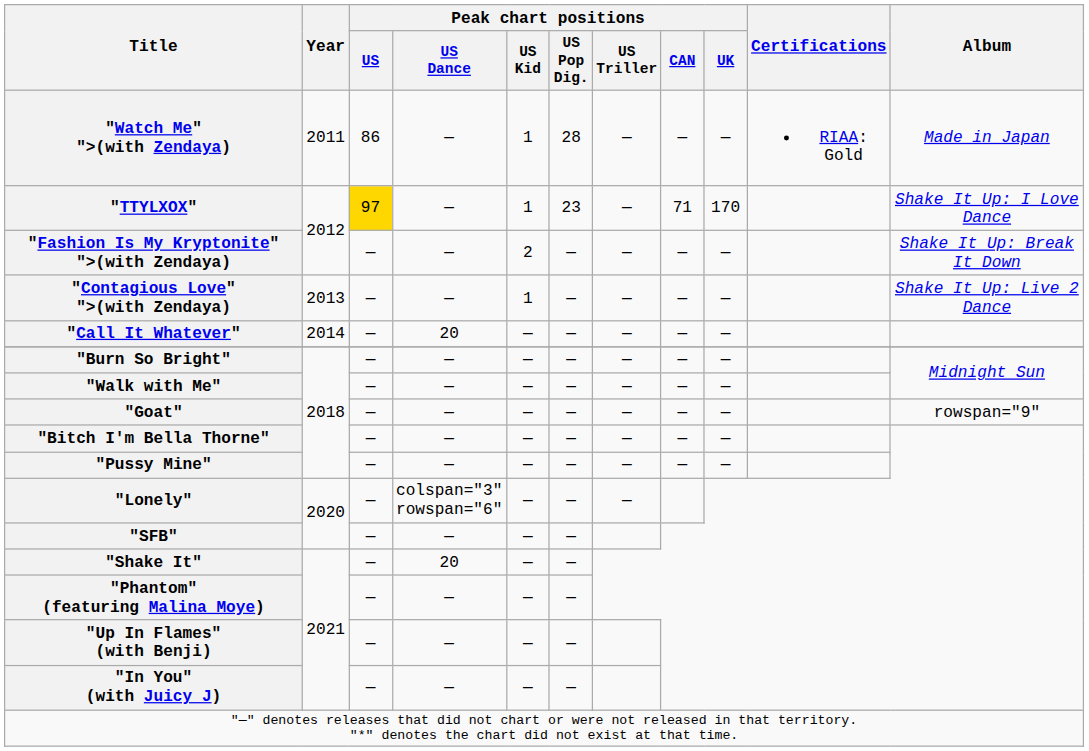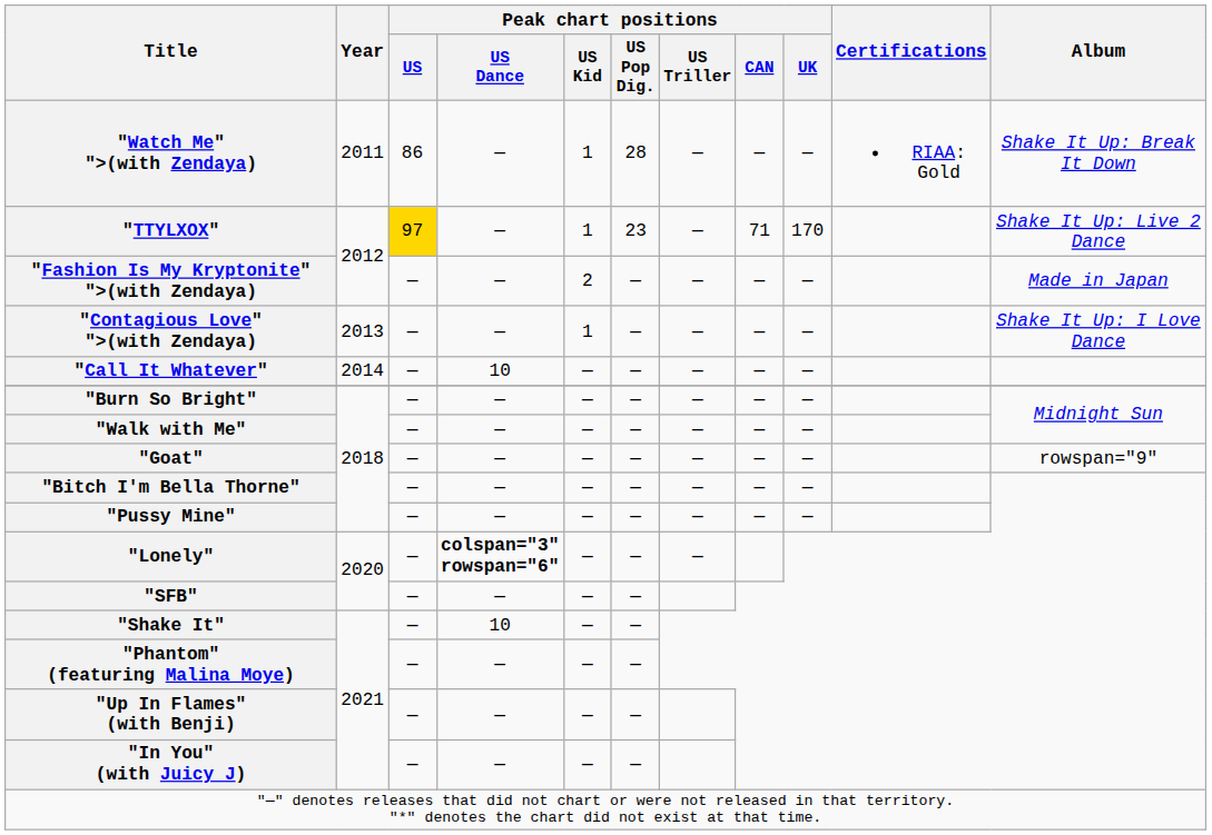 <table class="wikitable plainrowheaders" style="text-align:center;">
 <tr>
 <th scope="col" rowspan="2" style="width:18em;">Title</th>
 <th scope="col" rowspan="2">Year</th>
 <th scope="col" colspan="7">Peak chart positions</th>
 <th scope="col" rowspan="2" style="width:8em;"><a href='#'>Certifications</a></th>
 <th scope="col" rowspan="2">Album</th>
 </tr>
 <tr>
 <th scope="col" style="width:2.5em;font-size:90%;"><a href='#'>US</a><br></th>
 <th scope="col" style="width:2.5em;font-size:90%;"><a href='#'>US<br>Dance</a><br></th>
 <th scope="col" style="width:2.5em;font-size:90%;">US<br>Kid<br></th>
 <th scope="col" style="width:2.5em;font-size:90%;">US<br>Pop Dig.<br></th>
 <th scope="col" style="width:2.5em;font-size:90%;">US<br>Triller<br></th>
 <th scope="col" style="width:2.5em;font-size:90%;"><a href='#'>CAN</a><br></th>
 <th scope="col" style="width:2.5em;font-size:90%;"><a href='#'>UK</a><br></th>
 </tr>
 <tr>
 <th scope="row">"<a href='#'>Watch Me</a>"<br><span>">(with <a href='#'>Zendaya</a>)</span></th>
 <td>2011</td>
 <td>86</td>
 <td>—</td>
 <td>1</td>
 <td>28</td>
 <td>—</td>
 <td>—</td>
 <td>—</td>
 <td><br><ul><li><a href='#'>RIAA</a>: Gold</li></ul></td>
-<td><em><a href='#'>Made in Japan</a></em></td>
+<td><em><a href='#'>Shake It Up: Break It Down</a></em></td>
 </tr>
 <tr>
 <th scope="row">"<a href='#'>TTYLXOX</a>"</th>
 <td rowspan=2>2012</td>
 <td style="background: gold;">97</td>
 <td>—</td>
 <td>1</td>
 <td>23</td>
 <td>—</td>
 <td>71</td>
 <td>170</td>
 <td></td>
-<td><em><a href='#'>Shake It Up: I Love Dance</a></em></td>
+<td><em><a href='#'>Shake It Up: Live 2 Dance</a></em></td>
 </tr>
 <tr>
 <th scope="row">"<a href='#'>Fashion Is My Kryptonite</a>"<br><span>">(with Zendaya)</span></th>
 <td>—</td>
 <td>—</td>
 <td>2</td>
 <td>—</td>
 <td>—</td>
 <td>—</td>
 <td>—</td>
 <td></td>
-<td><em><a href='#'>Shake It Up: Break It Down</a></em></td>
+<td><em><a href='#'>Made in Japan</a></em></td>
 </tr>
 <tr>
 <th scope="row">"<a href='#'>Contagious Love</a>"<br><span>">(with Zendaya)</span></th>
 <td>2013</td>
 <td>—</td>
 <td>—</td>
 <td>1</td>
 <td>—</td>
 <td>—</td>
 <td>—</td>
 <td>—</td>
 <td></td>
-<td><em><a href='#'>Shake It Up: Live 2 Dance</a></em></td>
+<td><em><a href='#'>Shake It Up: I Love Dance</a></em></td>
 </tr>
 <tr>
 <th scope="row">"<a href='#'>Call It Whatever</a>"</th>
 <td>2014</td>
 <td>—</td>
-<td>20</td>
+<td>10</td>
 <td>—</td>
 <td>—</td>
 <td>—</td>
 <td>—</td>
 <td>—</td>
 <td></td>
 <td></td>
 </tr>
 <tr>
 </tr>
 <tr>
 <th scope="row">"Burn So Bright"</th>
 <td rowspan=5>2018</td>
 <td>—</td>
 <td>—</td>
 <td>—</td>
 <td>—</td>
 <td>—</td>
 <td>—</td>
 <td>—</td>
 <td></td>
 <td rowspan="2"><em><a href='#'>Midnight Sun</a></em></td>
 </tr>
 <tr>
 <th scope="row">"Walk with Me"</th>
 <td>—</td>
 <td>—</td>
 <td>—</td>
 <td>—</td>
 <td>—</td>
 <td>—</td>
 <td>—</td>
 <td></td>
 </tr>
 <tr>
 <th scope="row">"Goat"</th>
 <td>—</td>
 <td>—</td>
 <td>—</td>
 <td>—</td>
 <td>—</td>
 <td>—</td>
 <td>—</td>
 <td></td>
 <td>rowspan="9" </td>
 </tr>
 <tr>
 <th scope="row">"Bitch I'm Bella Thorne"</th>
 <td>—</td>
 <td>—</td>
 <td>—</td>
 <td>—</td>
 <td>—</td>
 <td>—</td>
 <td>—</td>
 <td></td>
 </tr>
 <tr>
 <th scope="row">"Pussy Mine"</th>
 <td>—</td>
 <td>—</td>
 <td>—</td>
 <td>—</td>
 <td>—</td>
 <td>—</td>
 <td>—</td>
 <td></td>
 </tr>
 <tr>
 <th scope="row">"Lonely"</th>
 <td rowspan="2">2020</td>
 <td>—</td>
-<td>colspan="3" rowspan="6" </td>
+<td><strong>colspan="3" rowspan="6" </strong></td>
 <td>—</td>
 <td>—</td>
 <td>—</td>
 <td></td>
 </tr>
 <tr>
 <th scope="row">"SFB"</th>
 <td>—</td>
 <td>—</td>
 <td>—</td>
 <td>—</td>
 <td></td>
 </tr>
 <tr>
 <th scope="row">"Shake It"</th>
 <td rowspan="4">2021</td>
 <td>—</td>
-<td>20</td>
+<td>10</td>
 <td>—</td>
 <td>—</td>
 </tr>
 <tr>
 <th scope="row">"Phantom"<br><span>(featuring <a href='#'>Malina Moye</a>)</span></th>
 <td>—</td>
 <td>—</td>
 <td>—</td>
 <td>—</td>
 </tr>
 <tr>
 <th scope="row">"Up In Flames"<br><span>(with Benji)</span></th>
 <td>—</td>
 <td>—</td>
 <td>—</td>
 <td>—</td>
 <td></td>
 </tr>
 <tr>
 <th scope="row">"In You"<br><span>(with <a href='#'>Juicy J</a>)</span></th>
 <td>—</td>
 <td>—</td>
 <td>—</td>
 <td>—</td>
 <td></td>
 </tr>
 <tr>
 <td align="center" colspan="11" style="font-size:8pt">"—" denotes releases that did not chart or were not released in that territory.<br>"*" denotes the chart did not exist at that time.</td>
 </tr>
 </table>
